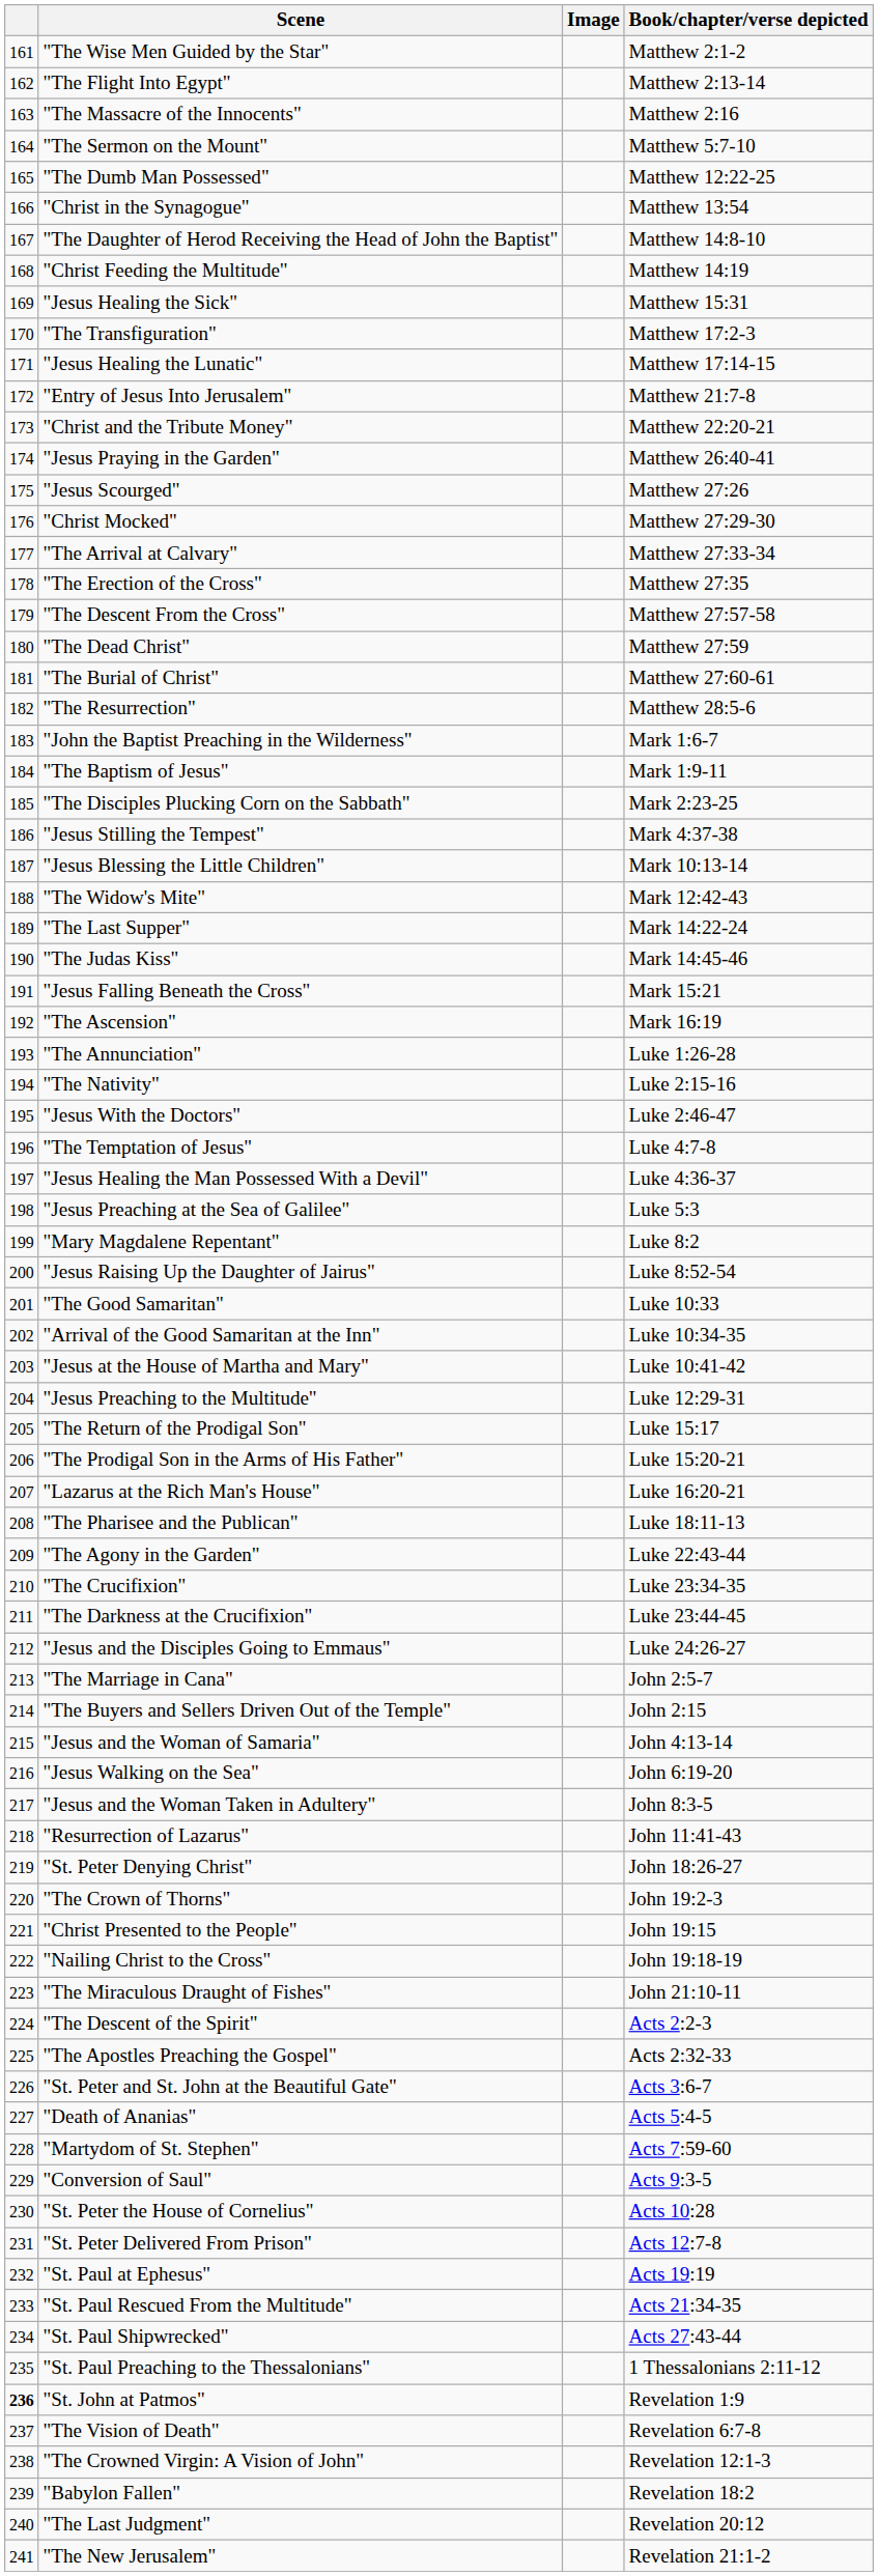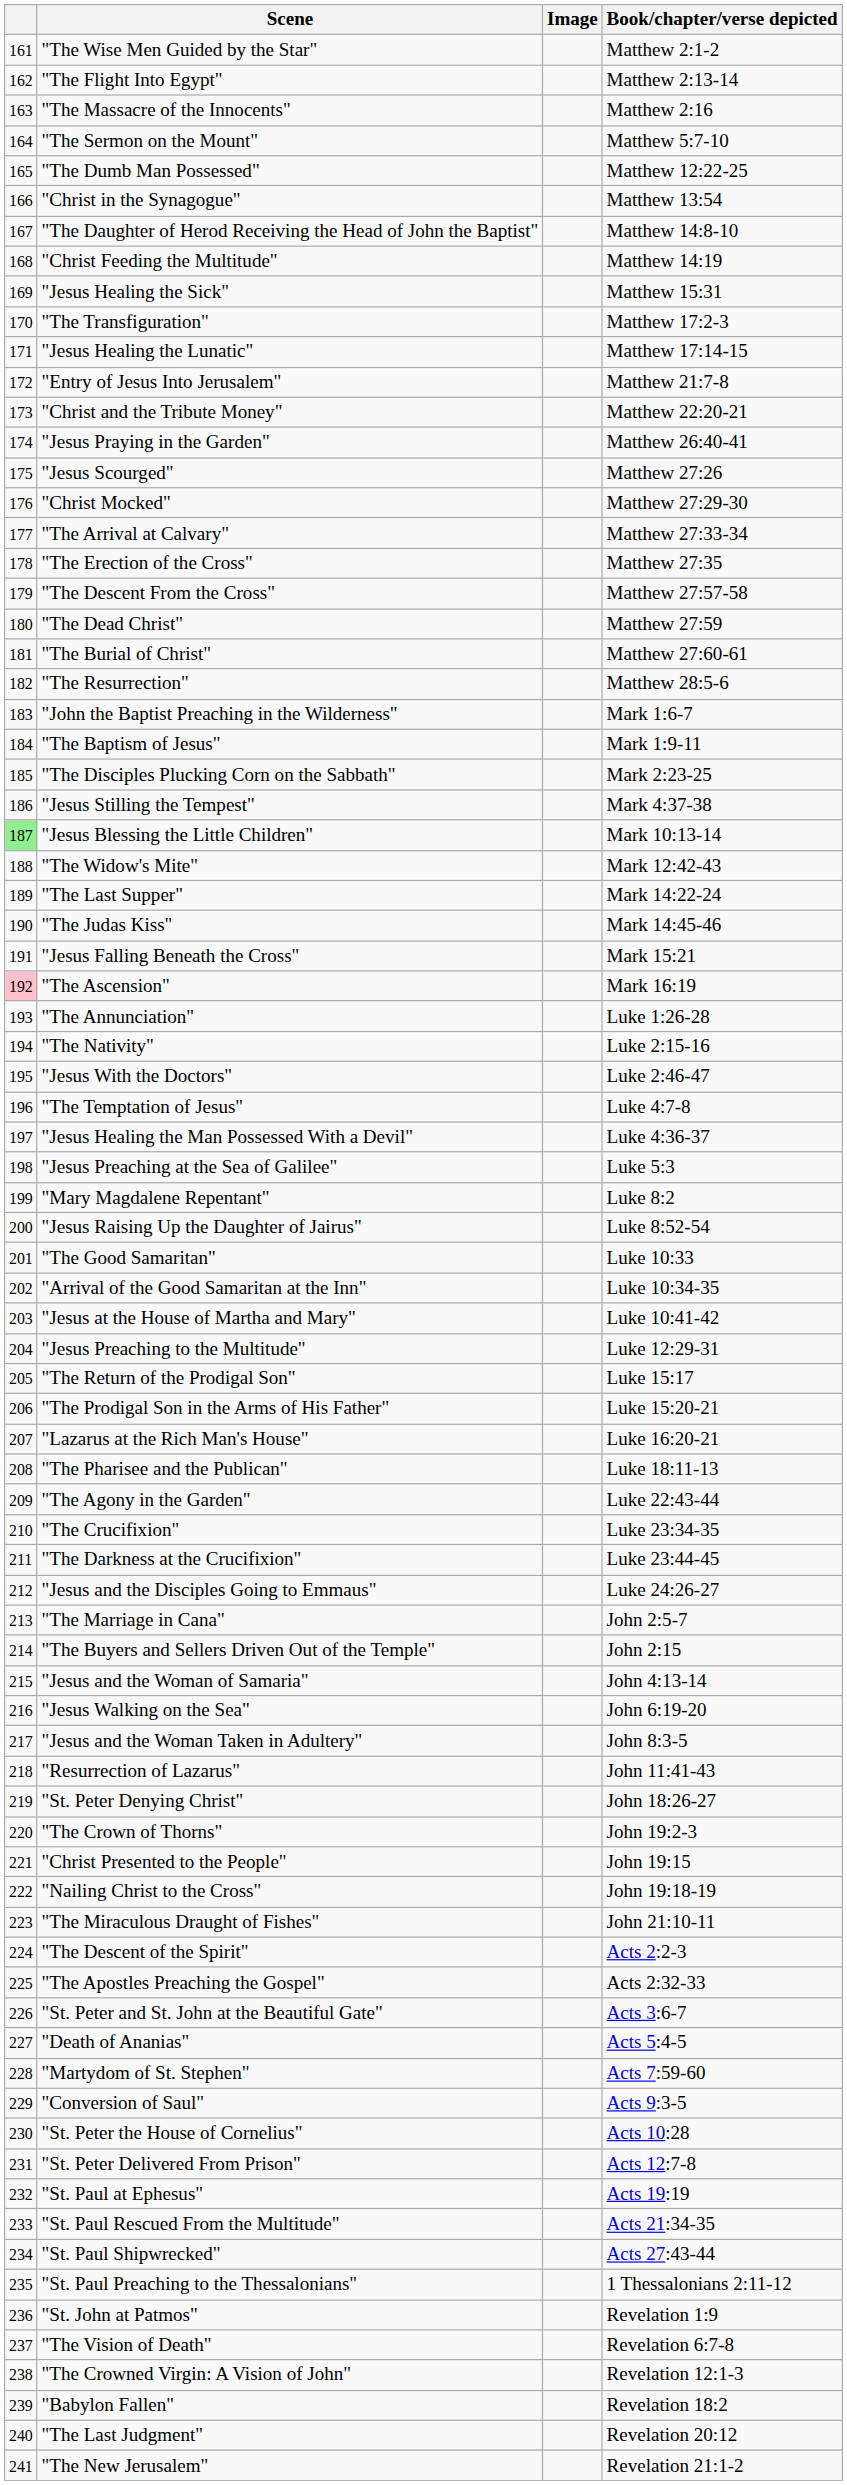 <table class="wikitable sortable" align="center">
 <tr>
 <th style="background-color:"></th>
 <th style="background-color:">Scene</th>
 <th style="background-color:">Image</th>
 <th style="background-color:">Book/chapter/verse depicted</th>
 </tr>
 <tr>
 <td><small>161</small></td>
 <td>"The Wise Men Guided by the Star"</td>
 <td></td>
 <td>Matthew 2:1-2</td>
 </tr>
 <tr>
 <td><small>162</small></td>
 <td>"The Flight Into Egypt"</td>
 <td></td>
 <td>Matthew 2:13-14</td>
 </tr>
 <tr>
 <td><small>163</small></td>
 <td>"The Massacre of the Innocents"</td>
 <td></td>
 <td>Matthew 2:16</td>
 </tr>
 <tr>
 <td><small>164</small></td>
 <td>"The Sermon on the Mount"</td>
 <td></td>
 <td>Matthew 5:7-10</td>
 </tr>
 <tr>
 <td><small>165</small></td>
 <td>"The Dumb Man Possessed"</td>
 <td></td>
 <td>Matthew 12:22-25</td>
 </tr>
 <tr>
 <td><small>166</small></td>
 <td>"Christ in the Synagogue"</td>
 <td></td>
 <td>Matthew 13:54</td>
 </tr>
 <tr>
 <td><small>167</small></td>
 <td>"The Daughter of Herod Receiving the Head of John the Baptist"</td>
 <td></td>
 <td>Matthew 14:8-10</td>
 </tr>
 <tr>
 <td><small>168</small></td>
 <td>"Christ Feeding the Multitude"</td>
 <td></td>
 <td>Matthew 14:19</td>
 </tr>
 <tr>
 <td><small>169</small></td>
 <td>"Jesus Healing the Sick"</td>
 <td></td>
 <td>Matthew 15:31</td>
 </tr>
 <tr>
 <td><small>170</small></td>
 <td>"The Transfiguration"</td>
 <td></td>
 <td>Matthew 17:2-3</td>
 </tr>
 <tr>
 <td><small>171</small></td>
 <td>"Jesus Healing the Lunatic"</td>
 <td></td>
 <td>Matthew 17:14-15</td>
 </tr>
 <tr>
 <td><small>172</small></td>
 <td>"Entry of Jesus Into Jerusalem"</td>
 <td></td>
 <td>Matthew 21:7-8</td>
 </tr>
 <tr>
 <td><small>173</small></td>
 <td>"Christ and the Tribute Money"</td>
 <td></td>
 <td>Matthew 22:20-21</td>
 </tr>
 <tr>
 <td><small>174</small></td>
 <td>"Jesus Praying in the Garden"</td>
 <td></td>
 <td>Matthew 26:40-41</td>
 </tr>
 <tr>
 <td><small>175</small></td>
 <td>"Jesus Scourged"</td>
 <td></td>
 <td>Matthew 27:26</td>
 </tr>
 <tr>
 <td><small>176</small></td>
 <td>"Christ Mocked"</td>
 <td></td>
 <td>Matthew 27:29-30</td>
 </tr>
 <tr>
 <td><small>177</small></td>
 <td>"The Arrival at Calvary"</td>
 <td></td>
 <td>Matthew 27:33-34</td>
 </tr>
 <tr>
 <td><small>178</small></td>
 <td>"The Erection of the Cross"</td>
 <td></td>
 <td>Matthew 27:35</td>
 </tr>
 <tr>
 <td><small>179</small></td>
 <td>"The Descent From the Cross"</td>
 <td></td>
 <td>Matthew 27:57-58</td>
 </tr>
 <tr>
 <td><small>180</small></td>
 <td>"The Dead Christ"</td>
 <td></td>
 <td>Matthew 27:59</td>
 </tr>
 <tr>
 <td><small>181</small></td>
 <td>"The Burial of Christ"</td>
 <td></td>
 <td>Matthew 27:60-61</td>
 </tr>
 <tr>
 <td><small>182</small></td>
 <td>"The Resurrection"</td>
 <td></td>
 <td>Matthew 28:5-6</td>
 </tr>
 <tr>
 <td><small>183</small></td>
 <td>"John the Baptist Preaching in the Wilderness"</td>
 <td></td>
 <td>Mark 1:6-7</td>
 </tr>
 <tr>
 <td><small>184</small></td>
 <td>"The Baptism of Jesus"</td>
 <td></td>
 <td>Mark 1:9-11</td>
 </tr>
 <tr>
 <td><small>185</small></td>
 <td>"The Disciples Plucking Corn on the Sabbath"</td>
 <td></td>
 <td>Mark 2:23-25</td>
 </tr>
 <tr>
 <td><small>186</small></td>
 <td>"Jesus Stilling the Tempest"</td>
 <td></td>
 <td>Mark 4:37-38</td>
 </tr>
 <tr>
-<td><small>187</small></td>
+<td style="background: lightgreen;"><small>187</small></td>
 <td>"Jesus Blessing the Little Children"</td>
 <td></td>
 <td>Mark 10:13-14</td>
 </tr>
 <tr>
 <td><small>188</small></td>
 <td>"The Widow's Mite"</td>
 <td></td>
 <td>Mark 12:42-43</td>
 </tr>
 <tr>
 <td><small>189</small></td>
 <td>"The Last Supper"</td>
 <td></td>
 <td>Mark 14:22-24</td>
 </tr>
 <tr>
 <td><small>190</small></td>
 <td>"The Judas Kiss"</td>
 <td></td>
 <td>Mark 14:45-46</td>
 </tr>
 <tr>
 <td><small>191</small></td>
 <td>"Jesus Falling Beneath the Cross"</td>
 <td></td>
 <td>Mark 15:21</td>
 </tr>
 <tr>
-<td><small>192</small></td>
+<td style="background: pink;"><small>192</small></td>
 <td>"The Ascension"</td>
 <td></td>
 <td>Mark 16:19</td>
 </tr>
 <tr>
 <td><small>193</small></td>
 <td>"The Annunciation"</td>
 <td></td>
 <td>Luke 1:26-28</td>
 </tr>
 <tr>
 <td><small>194</small></td>
 <td>"The Nativity"</td>
 <td></td>
 <td>Luke 2:15-16</td>
 </tr>
 <tr>
 <td><small>195</small></td>
 <td>"Jesus With the Doctors"</td>
 <td></td>
 <td>Luke 2:46-47</td>
 </tr>
 <tr>
 <td><small>196</small></td>
 <td>"The Temptation of Jesus"</td>
 <td></td>
 <td>Luke 4:7-8</td>
 </tr>
 <tr>
 <td><small>197</small></td>
 <td>"Jesus Healing the Man Possessed With a Devil"</td>
 <td></td>
 <td>Luke 4:36-37</td>
 </tr>
 <tr>
 <td><small>198</small></td>
 <td>"Jesus Preaching at the Sea of Galilee"</td>
 <td></td>
 <td>Luke 5:3</td>
 </tr>
 <tr>
 <td><small>199</small></td>
 <td>"Mary Magdalene Repentant"</td>
 <td></td>
 <td>Luke 8:2</td>
 </tr>
 <tr>
 <td><small>200</small></td>
 <td>"Jesus Raising Up the Daughter of Jairus"</td>
 <td></td>
 <td>Luke 8:52-54</td>
 </tr>
 <tr>
 <td><small>201</small></td>
 <td>"The Good Samaritan"</td>
 <td></td>
 <td>Luke 10:33</td>
 </tr>
 <tr>
 <td><small>202</small></td>
 <td>"Arrival of the Good Samaritan at the Inn"</td>
 <td></td>
 <td>Luke 10:34-35</td>
 </tr>
 <tr>
 <td><small>203</small></td>
 <td>"Jesus at the House of Martha and Mary"</td>
 <td></td>
 <td>Luke 10:41-42</td>
 </tr>
 <tr>
 <td><small>204</small></td>
 <td>"Jesus Preaching to the Multitude"</td>
 <td></td>
 <td>Luke 12:29-31</td>
 </tr>
 <tr>
 <td><small>205</small></td>
 <td>"The Return of the Prodigal Son"</td>
 <td></td>
 <td>Luke 15:17</td>
 </tr>
 <tr>
 <td><small>206</small></td>
 <td>"The Prodigal Son in the Arms of His Father"</td>
 <td></td>
 <td>Luke 15:20-21</td>
 </tr>
 <tr>
 <td><small>207</small></td>
 <td>"Lazarus at the Rich Man's House"</td>
 <td></td>
 <td>Luke 16:20-21</td>
 </tr>
 <tr>
 <td><small>208</small></td>
 <td>"The Pharisee and the Publican"</td>
 <td></td>
 <td>Luke 18:11-13</td>
 </tr>
 <tr>
 <td><small>209</small></td>
 <td>"The Agony in the Garden"</td>
 <td></td>
 <td>Luke 22:43-44</td>
 </tr>
 <tr>
 <td><small>210</small></td>
 <td>"The Crucifixion"</td>
 <td></td>
 <td>Luke 23:34-35</td>
 </tr>
 <tr>
 <td><small>211</small></td>
 <td>"The Darkness at the Crucifixion"</td>
 <td></td>
 <td>Luke 23:44-45</td>
 </tr>
 <tr>
 <td><small>212</small></td>
 <td>"Jesus and the Disciples Going to Emmaus"</td>
 <td></td>
 <td>Luke 24:26-27</td>
 </tr>
 <tr>
 <td><small>213</small></td>
 <td>"The Marriage in Cana"</td>
 <td></td>
 <td>John 2:5-7</td>
 </tr>
 <tr>
 <td><small>214</small></td>
 <td>"The Buyers and Sellers Driven Out of the Temple"</td>
 <td></td>
 <td>John 2:15</td>
 </tr>
 <tr>
 <td><small>215</small></td>
 <td>"Jesus and the Woman of Samaria"</td>
 <td></td>
 <td>John 4:13-14</td>
 </tr>
 <tr>
 <td><small>216</small></td>
 <td>"Jesus Walking on the Sea"</td>
 <td></td>
 <td>John 6:19-20</td>
 </tr>
 <tr>
 <td><small>217</small></td>
 <td>"Jesus and the Woman Taken in Adultery"</td>
 <td></td>
 <td>John 8:3-5</td>
 </tr>
 <tr>
 <td><small>218</small></td>
 <td>"Resurrection of Lazarus"</td>
 <td></td>
 <td>John 11:41-43</td>
 </tr>
 <tr>
 <td><small>219</small></td>
 <td>"St. Peter Denying Christ"</td>
 <td></td>
 <td>John 18:26-27</td>
 </tr>
 <tr>
 <td><small>220</small></td>
 <td>"The Crown of Thorns"</td>
 <td></td>
 <td>John 19:2-3</td>
 </tr>
 <tr>
 <td><small>221</small></td>
 <td>"Christ Presented to the People"</td>
 <td></td>
 <td>John 19:15</td>
 </tr>
 <tr>
 <td><small>222</small></td>
 <td>"Nailing Christ to the Cross"</td>
 <td></td>
 <td>John 19:18-19</td>
 </tr>
 <tr>
 <td><small>223</small></td>
 <td>"The Miraculous Draught of Fishes"</td>
 <td></td>
 <td>John 21:10-11</td>
 </tr>
 <tr>
 <td><small>224</small></td>
 <td>"The Descent of the Spirit"</td>
 <td></td>
 <td><a href='#'>Acts 2</a>:2-3</td>
 </tr>
 <tr>
 <td><small>225</small></td>
 <td>"The Apostles Preaching the Gospel"</td>
 <td></td>
 <td>Acts 2:32-33</td>
 </tr>
 <tr>
 <td><small>226</small></td>
 <td>"St. Peter and St. John at the Beautiful Gate"</td>
 <td></td>
 <td><a href='#'>Acts 3</a>:6-7</td>
 </tr>
 <tr>
 <td><small>227</small></td>
 <td>"Death of Ananias"</td>
 <td></td>
 <td><a href='#'>Acts 5</a>:4-5</td>
 </tr>
 <tr>
 <td><small>228</small></td>
 <td>"Martydom of St. Stephen"</td>
 <td></td>
 <td><a href='#'>Acts 7</a>:59-60</td>
 </tr>
 <tr>
 <td><small>229</small></td>
 <td>"Conversion of Saul"</td>
 <td></td>
 <td><a href='#'>Acts 9</a>:3-5</td>
 </tr>
 <tr>
 <td><small>230</small></td>
 <td>"St. Peter the House of Cornelius"</td>
 <td></td>
 <td><a href='#'>Acts 10</a>:28</td>
 </tr>
 <tr>
 <td><small>231</small></td>
 <td>"St. Peter Delivered From Prison"</td>
 <td></td>
 <td><a href='#'>Acts 12</a>:7-8</td>
 </tr>
 <tr>
 <td><small>232</small></td>
 <td>"St. Paul at Ephesus"</td>
 <td></td>
 <td><a href='#'>Acts 19</a>:19</td>
 </tr>
 <tr>
 <td><small>233</small></td>
 <td>"St. Paul Rescued From the Multitude"</td>
 <td></td>
 <td><a href='#'>Acts 21</a>:34-35</td>
 </tr>
 <tr>
 <td><small>234</small></td>
 <td>"St. Paul Shipwrecked"</td>
 <td></td>
 <td><a href='#'>Acts 27</a>:43-44</td>
 </tr>
 <tr>
 <td><small>235</small></td>
 <td>"St. Paul Preaching to the Thessalonians"</td>
 <td></td>
 <td>1 Thessalonians 2:11-12</td>
 </tr>
 <tr>
-<td><strong><small>236</small></strong></td>
+<td><small>236</small></td>
 <td>"St. John at Patmos"</td>
 <td></td>
 <td>Revelation 1:9</td>
 </tr>
 <tr>
 <td><small>237</small></td>
 <td>"The Vision of Death"</td>
 <td></td>
 <td>Revelation 6:7-8</td>
 </tr>
 <tr>
 <td><small>238</small></td>
 <td>"The Crowned Virgin: A Vision of John"</td>
 <td></td>
 <td>Revelation 12:1-3</td>
 </tr>
 <tr>
 <td><small>239</small></td>
 <td>"Babylon Fallen"</td>
 <td></td>
 <td>Revelation 18:2</td>
 </tr>
 <tr>
 <td><small>240</small></td>
 <td>"The Last Judgment"</td>
 <td></td>
 <td>Revelation 20:12</td>
 </tr>
 <tr>
 <td><small>241</small></td>
 <td>"The New Jerusalem"</td>
 <td></td>
 <td>Revelation 21:1-2</td>
 </tr>
 <tr>
 </tr>
 </table>
